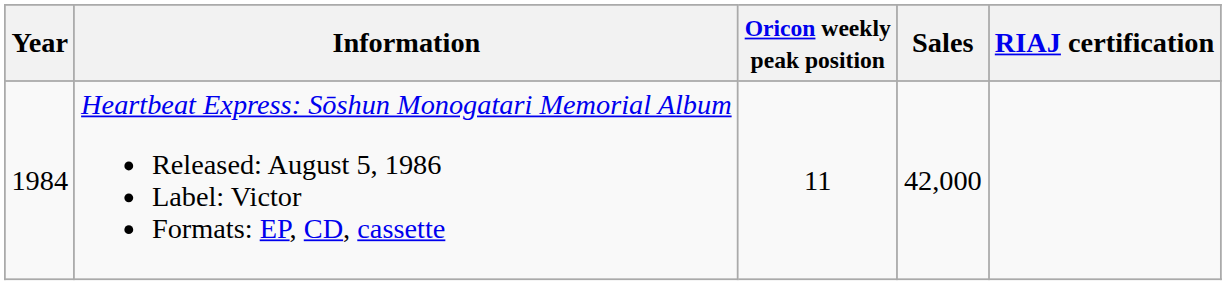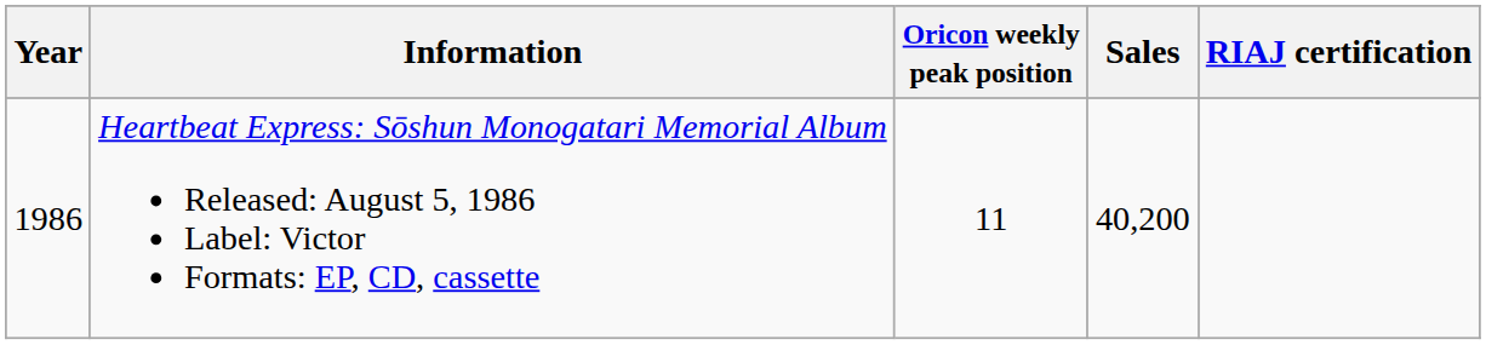 <table class="wikitable">
 <tr>
 <th>Year</th>
 <th>Information</th>
 <th><small><a href='#'>Oricon</a> weekly<br>peak position</small></th>
 <th>Sales<br></th>
 <th><a href='#'>RIAJ</a> certification</th>
 </tr>
 <tr>
-<td>1984</td>
+<td>1986</td>
 <td><em><a href='#'>Heartbeat Express: Sōshun Monogatari Memorial Album</a></em><br><ul><li>Released: August 5, 1986</li><li>Label: Victor</li><li>Formats: <a href='#'>EP</a>, <a href='#'>CD</a>, <a href='#'>cassette</a></li></ul></td>
 <td style="text-align:center;">11</td>
-<td align="left">42,000</td>
+<td align="left">40,200</td>
 <td align="left"></td>
 </tr>
 </table>
